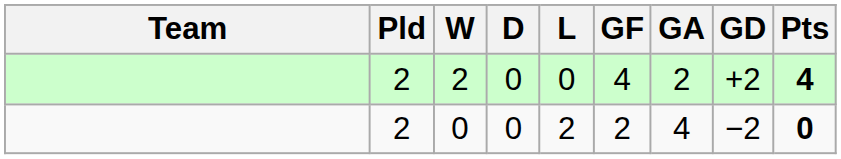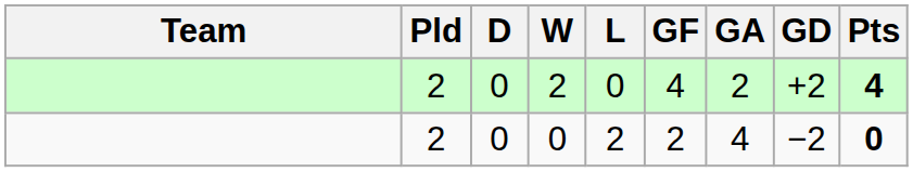 <table class="wikitable" style="text-align:center;">
 <tr>
 <th width=180>Team</th>
 <th width=20>Pld</th>
+<th width=20>D</th>
 <th width=20>W</th>
-<th width=20>D</th>
 <th width=20>L</th>
 <th width=20>GF</th>
 <th width=20>GA</th>
 <th width=20>GD</th>
 <th width=20>Pts</th>
 </tr>
 <tr bgcolor="ccffcc">
 <td align="left"></td>
 <td>2</td>
+<td>0</td>
 <td>2</td>
-<td>0</td>
 <td>0</td>
 <td>4</td>
 <td>2</td>
 <td>+2</td>
 <td><strong>4</strong></td>
 </tr>
 <tr>
 <td align="left"></td>
 <td>2</td>
 <td>0</td>
 <td>0</td>
 <td>2</td>
 <td>2</td>
 <td>4</td>
 <td>−2</td>
 <td><strong>0</strong></td>
 </tr>
 </table>
